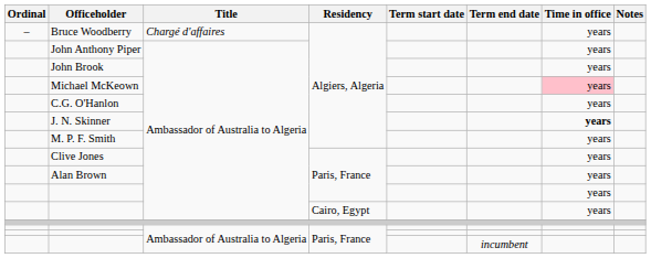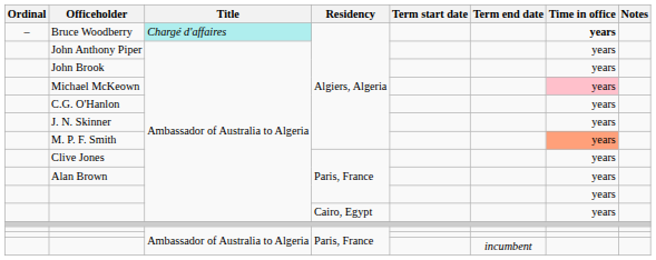 <table class='wikitable sortable'>
 <tr>
 <th>Ordinal</th>
 <th>Officeholder</th>
 <th>Title</th>
 <th>Residency</th>
 <th>Term start date</th>
 <th>Term end date</th>
 <th>Time in office</th>
 <th>Notes</th>
 </tr>
 <tr>
 <td align=center>–</td>
 <td>Bruce Woodberry</td>
-<td><em>Chargé d'affaires</em></td>
+<td style="background: paleturquoise;"><em>Chargé d'affaires</em></td>
 <td rowspan=7>Algiers, Algeria</td>
 <td align=center></td>
 <td align=center></td>
-<td align=right> years</td>
+<td align=right><strong> years</strong></td>
 <td></td>
 </tr>
 <tr>
 <td align=center></td>
 <td>John Anthony Piper</td>
 <td rowspan=10>Ambassador of Australia to Algeria</td>
 <td align=center></td>
 <td align=center></td>
 <td align=right> years</td>
 <td></td>
 </tr>
 <tr>
 <td align=center></td>
 <td>John Brook</td>
 <td align=center></td>
 <td align=center></td>
 <td align=right> years</td>
 <td></td>
 </tr>
 <tr>
 <td align=center></td>
 <td>Michael McKeown</td>
 <td align=center></td>
 <td align=center></td>
 <td align=right style="background: pink;"> years</td>
 <td></td>
 </tr>
 <tr>
 <td align=center></td>
 <td>C.G. O'Hanlon</td>
 <td align=center></td>
 <td align=center></td>
 <td align=right> years</td>
 <td></td>
 </tr>
 <tr>
 <td align=center></td>
 <td>J. N. Skinner</td>
 <td align=center></td>
 <td align=center></td>
-<td align=right><strong> years</strong></td>
+<td align=right> years</td>
 <td></td>
 </tr>
 <tr>
 <td align=center></td>
 <td>M. P. F. Smith</td>
 <td align=center></td>
 <td align=center></td>
-<td align=right> years</td>
+<td align=right style="background: lightsalmon;"> years</td>
 <td></td>
 </tr>
 <tr>
 <td align=center></td>
 <td>Clive Jones</td>
 <td rowspan=3>Paris, France</td>
 <td align=center></td>
 <td align=center></td>
 <td align=right> years</td>
 <td></td>
 </tr>
 <tr>
 <td align=center></td>
 <td>Alan Brown</td>
 <td align=center></td>
 <td align=center></td>
 <td align=right> years</td>
 <td></td>
 </tr>
 <tr>
 <td align=center></td>
 <td> </td>
 <td align=center></td>
 <td align=center></td>
 <td align=right> years</td>
 <td></td>
 </tr>
 <tr>
 <td align=center></td>
 <td> </td>
 <td>Cairo, Egypt</td>
 <td align=center></td>
 <td align=center></td>
 <td align=right> years</td>
 <td></td>
 </tr>
 <tr>
 <th colspan=8 style="background: #cccccc;"></th>
 </tr>
 <tr>
 <td align=center></td>
 <td> </td>
 <td rowspan=3>Ambassador of Australia to Algeria</td>
 <td rowspan=3>Paris, France</td>
 <td align=center></td>
 <td align=center></td>
 <td align=right></td>
 <td></td>
 </tr>
 <tr>
 <td align=center></td>
 <td></td>
 <td align=center></td>
 <td align=center></td>
 <td align=right></td>
 <td></td>
 </tr>
 <tr>
 <td align=center></td>
 <td> </td>
 <td align=center></td>
 <td align=center><em>incumbent</em></td>
 <td align=right></td>
 <td></td>
 </tr>
 </table>
